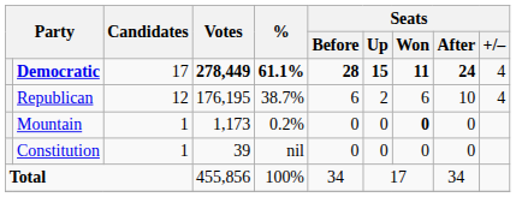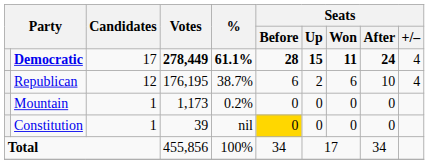 <table class="wikitable">
 <tr>
 <th rowspan="2" colspan="2">Party</th>
 <th rowspan="2">Candidates</th>
 <th rowspan="2">Votes</th>
 <th rowspan="2">%</th>
 <th colspan="5">Seats</th>
 </tr>
 <tr>
 <th>Before</th>
 <th>Up</th>
 <th>Won</th>
 <th>After</th>
 <th>+/–</th>
 </tr>
 <tr>
 <th style="background-color:"></th>
 <td><strong><a href='#'>Democratic</a></strong></td>
 <td align="right">17</td>
 <td align="right"><strong>278,449</strong></td>
 <td align="right"><strong>61.1%</strong></td>
 <td align="right"><strong>28</strong></td>
 <td align="right"><strong>15</strong></td>
 <td align="right"><strong>11</strong></td>
 <td align="right"><strong>24</strong></td>
 <td align="right"> 4</td>
 </tr>
 <tr>
 <th style="background-color:"></th>
 <td><a href='#'>Republican</a></td>
 <td align="right">12</td>
 <td align="right">176,195</td>
 <td align="right">38.7%</td>
 <td align="right">6</td>
 <td align="right">2</td>
 <td align="right">6</td>
 <td align="right">10</td>
 <td align="right"> 4</td>
 </tr>
 <tr>
 <th style="background-color:"></th>
 <td><a href='#'>Mountain</a></td>
 <td align="right">1</td>
 <td align="right">1,173</td>
 <td align="right">0.2%</td>
 <td align="right">0</td>
 <td align="right">0</td>
-<td align="right"><strong>0</strong></td>
+<td align="right">0</td>
 <td align="right">0</td>
 <td align="right"></td>
 </tr>
 <tr>
 <th style="background-color:"></th>
 <td><a href='#'>Constitution</a></td>
 <td align="right">1</td>
 <td align="right">39</td>
 <td align="right">nil</td>
-<td align="right">0</td>
+<td align="right" style="background: gold;">0</td>
 <td align="right">0</td>
 <td align="right">0</td>
 <td align="right">0</td>
 <td align="right"></td>
 </tr>
 <tr>
 <td colspan="3"><strong>Total</strong></td>
 <td align="right">455,856</td>
 <td align="right">100%</td>
 <td align="center">34</td>
 <td colspan="2" align="center">17</td>
 <td align="center">34</td>
 <td align="right"></td>
 </tr>
 <tr>
 </tr>
 </table>
